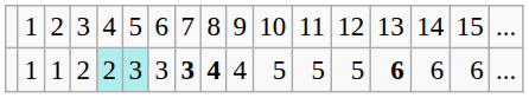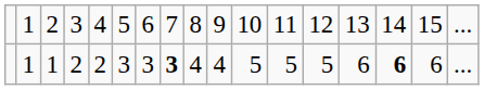 <table class="wikitable">
 <tr style="text-align: right;">
 <td style="background: "></td>
 <td>1</td>
 <td>2</td>
 <td>3</td>
 <td>4</td>
 <td>5</td>
 <td>6</td>
 <td>7</td>
 <td>8</td>
 <td>9</td>
 <td>10</td>
 <td>11</td>
 <td>12</td>
 <td>13</td>
 <td>14</td>
 <td>15</td>
 <td>...</td>
 </tr>
 <tr style="text-align: right;">
 <td style="background: "></td>
 <td>1</td>
 <td>1</td>
 <td>2</td>
-<td style="background: paleturquoise;">2</td>
-<td style="background: paleturquoise;">3</td>
+<td>2</td>
+<td>3</td>
 <td>3</td>
 <td><strong>3</strong></td>
-<td><strong>4</strong></td>
+<td>4</td>
 <td>4</td>
 <td>5</td>
 <td>5</td>
 <td>5</td>
+<td>6</td>
 <td><strong>6</strong></td>
-<td>6</td>
 <td>6</td>
 <td>...</td>
 </tr>
 </table>
